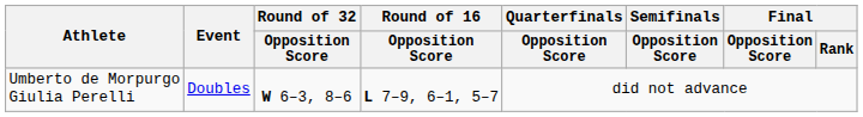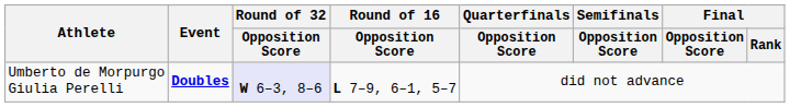 <table class=wikitable style="font-size:90%">
 <tr>
 <th rowspan=2>Athlete</th>
 <th rowspan=2>Event</th>
 <th>Round of 32</th>
 <th>Round of 16</th>
 <th>Quarterfinals</th>
 <th>Semifinals</th>
 <th colspan=2>Final</th>
 </tr>
 <tr style="font-size:95%">
 <th>Opposition<br>Score</th>
 <th>Opposition<br>Score</th>
 <th>Opposition<br>Score</th>
 <th>Opposition<br>Score</th>
 <th>Opposition<br>Score</th>
 <th>Rank</th>
 </tr>
 <tr align=center>
 <td align=left>Umberto de Morpurgo <br> Giulia Perelli</td>
-<td align=left><a href='#'>Doubles</a></td>
-<td> <br> <strong>W</strong> 6–3, 8–6</td>
+<td align=left><strong><a href='#'>Doubles</a></strong></td>
+<td style="background: lavender;"> <br> <strong>W</strong> 6–3, 8–6</td>
 <td> <br> <strong>L</strong> 7–9, 6–1, 5–7</td>
 <td colspan=4>did not advance</td>
 </tr>
 </table>
